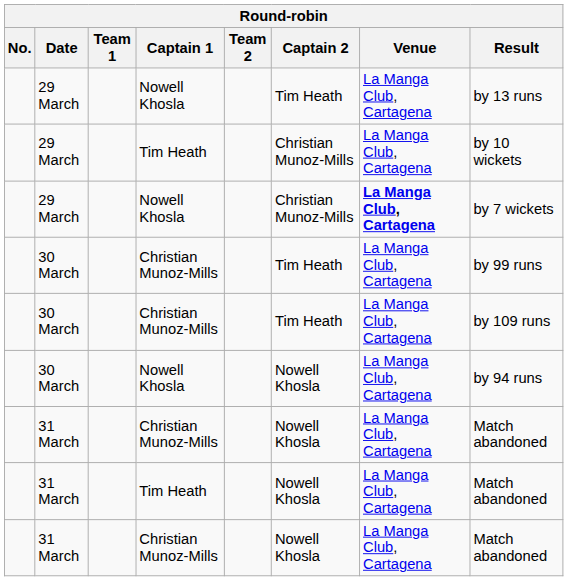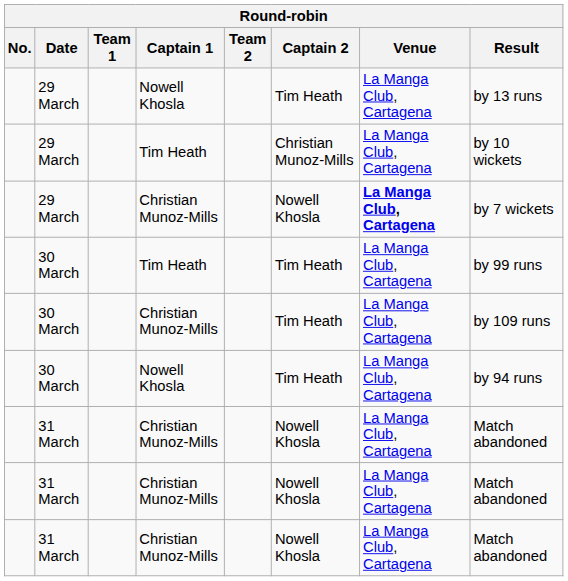 <table class="wikitable">
 <tr>
 <th colspan="8">Round-robin</th>
 </tr>
 <tr>
 <th>No.</th>
 <th>Date</th>
 <th>Team 1</th>
 <th>Captain 1</th>
 <th>Team 2</th>
 <th>Captain 2</th>
 <th>Venue</th>
 <th>Result</th>
 </tr>
 <tr>
 <td></td>
 <td>29 March</td>
 <td></td>
 <td>Nowell Khosla</td>
 <td></td>
 <td>Tim Heath</td>
 <td><a href='#'>La Manga Club</a>, <a href='#'>Cartagena</a></td>
 <td> by 13 runs</td>
 </tr>
 <tr>
 <td></td>
 <td>29 March</td>
 <td></td>
 <td>Tim Heath</td>
 <td></td>
 <td>Christian Munoz-Mills</td>
 <td><a href='#'>La Manga Club</a>, <a href='#'>Cartagena</a></td>
 <td> by 10 wickets</td>
 </tr>
 <tr>
 <td></td>
 <td>29 March</td>
 <td></td>
+<td>Christian Munoz-Mills</td>
+<td></td>
 <td>Nowell Khosla</td>
-<td></td>
-<td>Christian Munoz-Mills</td>
 <td><strong><a href='#'>La Manga Club</a>, <a href='#'>Cartagena</a></strong></td>
 <td> by 7 wickets</td>
 </tr>
 <tr>
 <td></td>
 <td>30 March</td>
 <td></td>
-<td>Christian Munoz-Mills</td>
+<td>Tim Heath</td>
 <td></td>
 <td>Tim Heath</td>
 <td><a href='#'>La Manga Club</a>, <a href='#'>Cartagena</a></td>
 <td> by 99 runs</td>
 </tr>
 <tr>
 <td></td>
 <td>30 March</td>
 <td></td>
 <td>Christian Munoz-Mills</td>
 <td></td>
 <td>Tim Heath</td>
 <td><a href='#'>La Manga Club</a>, <a href='#'>Cartagena</a></td>
 <td> by 109 runs</td>
 </tr>
 <tr>
 <td></td>
 <td>30 March</td>
 <td></td>
 <td>Nowell Khosla</td>
 <td></td>
-<td>Nowell Khosla</td>
+<td>Tim Heath</td>
 <td><a href='#'>La Manga Club</a>, <a href='#'>Cartagena</a></td>
 <td> by 94 runs</td>
 </tr>
 <tr>
 <td></td>
 <td>31 March</td>
 <td></td>
 <td>Christian Munoz-Mills</td>
 <td></td>
 <td>Nowell Khosla</td>
 <td><a href='#'>La Manga Club</a>, <a href='#'>Cartagena</a></td>
 <td>Match abandoned</td>
 </tr>
 <tr>
 <td></td>
 <td>31 March</td>
 <td></td>
-<td>Tim Heath</td>
+<td>Christian Munoz-Mills</td>
 <td></td>
 <td>Nowell Khosla</td>
 <td><a href='#'>La Manga Club</a>, <a href='#'>Cartagena</a></td>
 <td>Match abandoned</td>
 </tr>
 <tr>
 <td></td>
 <td>31 March</td>
 <td></td>
 <td>Christian Munoz-Mills</td>
 <td></td>
 <td>Nowell Khosla</td>
 <td><a href='#'>La Manga Club</a>, <a href='#'>Cartagena</a></td>
 <td>Match abandoned</td>
 </tr>
 </table>
